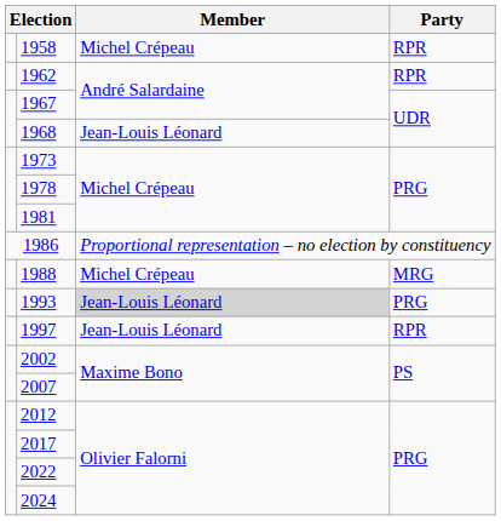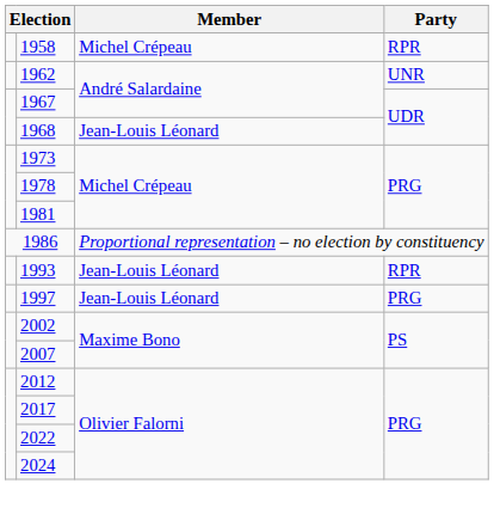 <table class="wikitable">
 <tr>
 <th colspan="2">Election</th>
 <th>Member</th>
 <th>Party</th>
 </tr>
 <tr>
 <td style="color:inherit;background-color: "></td>
 <td><a href='#'>1958</a></td>
 <td><a href='#'>Michel Crépeau</a></td>
 <td><a href='#'>RPR</a></td>
 </tr>
 <tr>
 <td style="color:inherit;background-color: "></td>
 <td><a href='#'>1962</a></td>
 <td rowspan="2"><a href='#'>André Salardaine</a></td>
-<td><a href='#'>RPR</a></td>
+<td><a href='#'>UNR</a></td>
 </tr>
 <tr>
 <td rowspan="2" style="color:inherit;background-color: "></td>
 <td><a href='#'>1967</a></td>
 <td rowspan="2"><a href='#'>UDR</a></td>
 </tr>
 <tr>
 <td><a href='#'>1968</a></td>
 <td><a href='#'>Jean-Louis Léonard</a></td>
 </tr>
 <tr>
 <td rowspan="3" style="color:inherit;background-color: "></td>
 <td><a href='#'>1973</a></td>
 <td rowspan="3"><a href='#'>Michel Crépeau</a></td>
 <td rowspan="3"><a href='#'>PRG</a></td>
 </tr>
 <tr>
 <td><a href='#'>1978</a></td>
 </tr>
 <tr>
 <td><a href='#'>1981</a></td>
 </tr>
 <tr>
 <td colspan="2" align="center"><a href='#'>1986</a></td>
 <td colspan="2"><em><a href='#'>Proportional representation</a> – no election by constituency</em></td>
 </tr>
 <tr>
 <td style="color:inherit;background-color: "></td>
-<td><a href='#'>1988</a></td>
-<td><a href='#'>Michel Crépeau</a></td>
-<td><a href='#'>MRG</a></td>
-</tr>
-<tr>
-<td style="color:inherit;background-color: "></td>
 <td><a href='#'>1993</a></td>
-<td style="background: lightgrey;"><a href='#'>Jean-Louis Léonard</a></td>
-<td><a href='#'>PRG</a></td>
+<td><a href='#'>Jean-Louis Léonard</a></td>
+<td><a href='#'>RPR</a></td>
 </tr>
 <tr>
 <td style="color:inherit;background-color: "></td>
 <td><a href='#'>1997</a></td>
 <td><a href='#'>Jean-Louis Léonard</a></td>
-<td><a href='#'>RPR</a></td>
+<td><a href='#'>PRG</a></td>
 </tr>
 <tr>
 <td rowspan="2" style="color:inherit;background-color: "></td>
 <td><a href='#'>2002</a></td>
 <td rowspan="2"><a href='#'>Maxime Bono</a></td>
 <td rowspan="2"><a href='#'>PS</a></td>
 </tr>
 <tr>
 <td><a href='#'>2007</a></td>
 </tr>
 <tr>
 <td rowspan="4" style="color:inherit;background-color: "></td>
 <td><a href='#'>2012</a></td>
 <td rowspan="4"><a href='#'>Olivier Falorni</a></td>
 <td rowspan="4"><a href='#'>PRG</a></td>
 </tr>
 <tr>
 <td><a href='#'>2017</a></td>
 </tr>
 <tr>
 <td><a href='#'>2022</a></td>
 </tr>
 <tr>
 <td><a href='#'>2024</a></td>
 </tr>
 </table>
